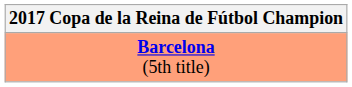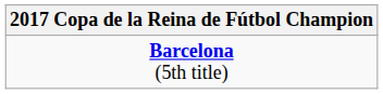 <table class=wikitable style="text-align:center; margin:auto">
 <tr>
 <th>2017 Copa de la Reina de Fútbol Champion</th>
 </tr>
 <tr>
-<td style="background: lightsalmon;"> <strong><a href='#'>Barcelona</a></strong> <br> (5th title)</td>
+<td> <strong><a href='#'>Barcelona</a></strong> <br> (5th title)</td>
 </tr>
 </table>
